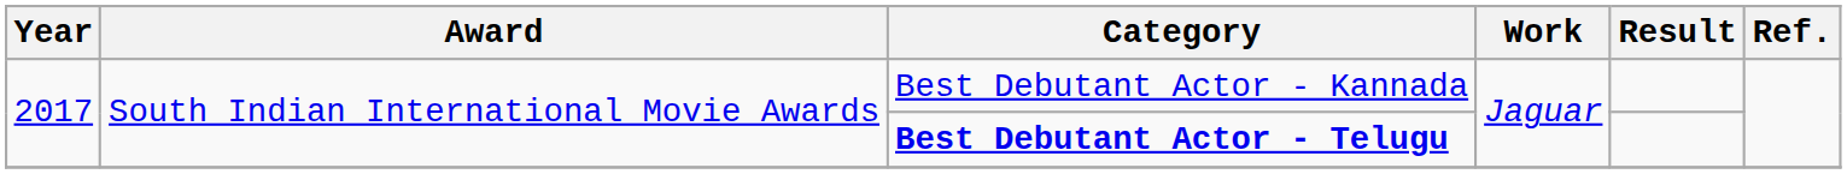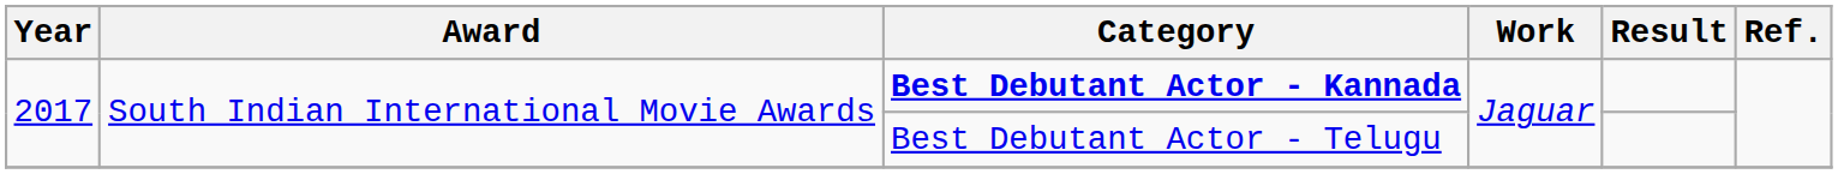 <table class="wikitable plainrowheaders sortable">
 <tr>
 <th>Year</th>
 <th>Award</th>
 <th>Category</th>
 <th>Work</th>
 <th>Result</th>
 <th>Ref.</th>
 </tr>
 <tr>
 <td rowspan=2><a href='#'>2017</a></td>
 <td rowspan=2><a href='#'>South Indian International Movie Awards</a></td>
-<td><a href='#'>Best Debutant Actor - Kannada</a></td>
+<td><strong><a href='#'>Best Debutant Actor - Kannada</a></strong></td>
 <td rowspan=2><em><a href='#'>Jaguar</a></em></td>
 <td></td>
 <td rowspan=2></td>
 </tr>
 <tr>
-<td><strong><a href='#'>Best Debutant Actor - Telugu</a></strong></td>
+<td><a href='#'>Best Debutant Actor - Telugu</a></td>
 <td></td>
 </tr>
 <tr>
 </tr>
 </table>
